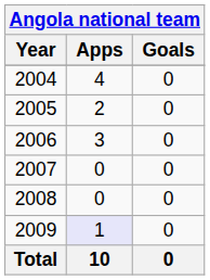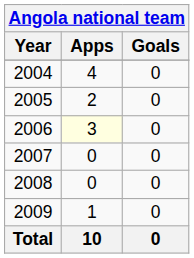 <table class="wikitable" style="text-align:center">
 <tr>
 <th colspan=3><a href='#'>Angola national team</a></th>
 </tr>
 <tr>
 <th>Year</th>
 <th>Apps</th>
 <th>Goals</th>
 </tr>
 <tr>
 </tr>
 <tr>
 <td>2004</td>
 <td>4</td>
 <td>0</td>
 </tr>
 <tr>
 <td>2005</td>
 <td>2</td>
 <td>0</td>
 </tr>
 <tr>
 <td>2006</td>
-<td>3</td>
+<td style="background: lightyellow;">3</td>
 <td>0</td>
 </tr>
 <tr>
 <td>2007</td>
 <td>0</td>
 <td>0</td>
 </tr>
 <tr>
 <td>2008</td>
 <td>0</td>
 <td>0</td>
 </tr>
 <tr>
 <td>2009</td>
-<td style="background: lavender;">1</td>
+<td>1</td>
 <td>0</td>
 </tr>
 <tr>
 <th>Total</th>
 <th>10</th>
 <th>0</th>
 </tr>
 </table>
